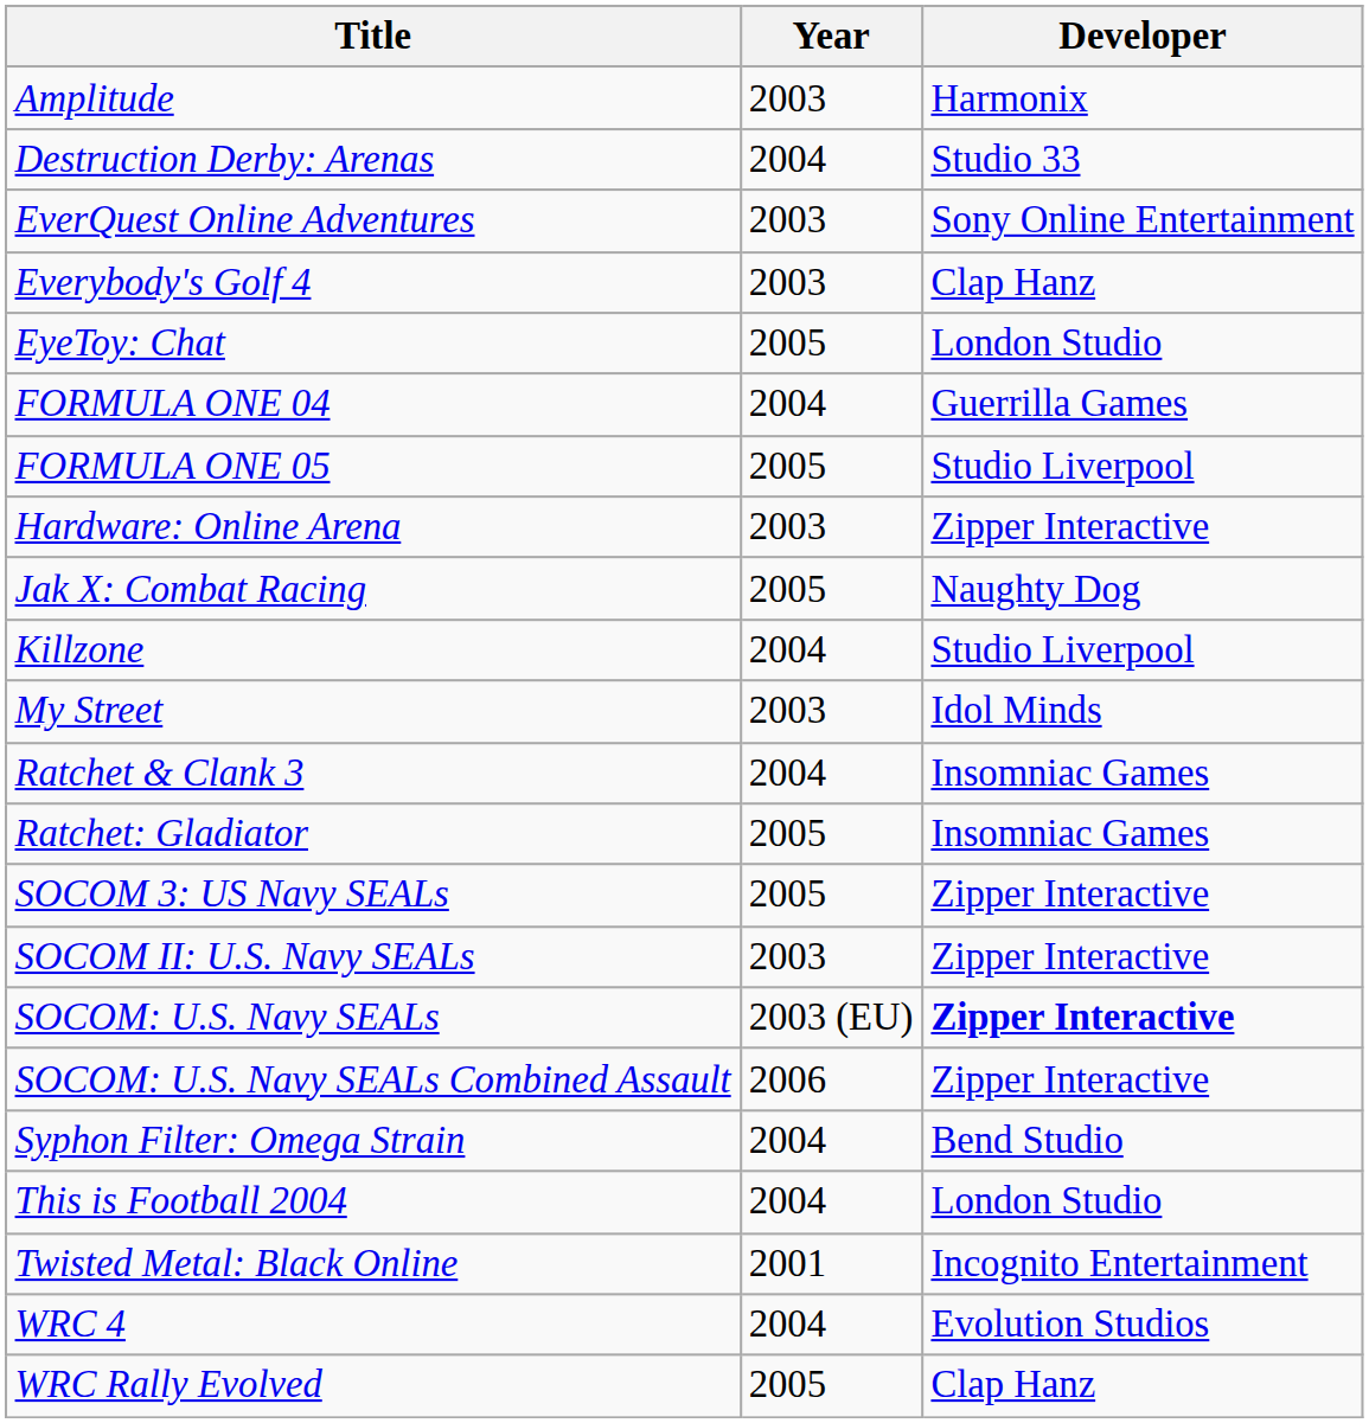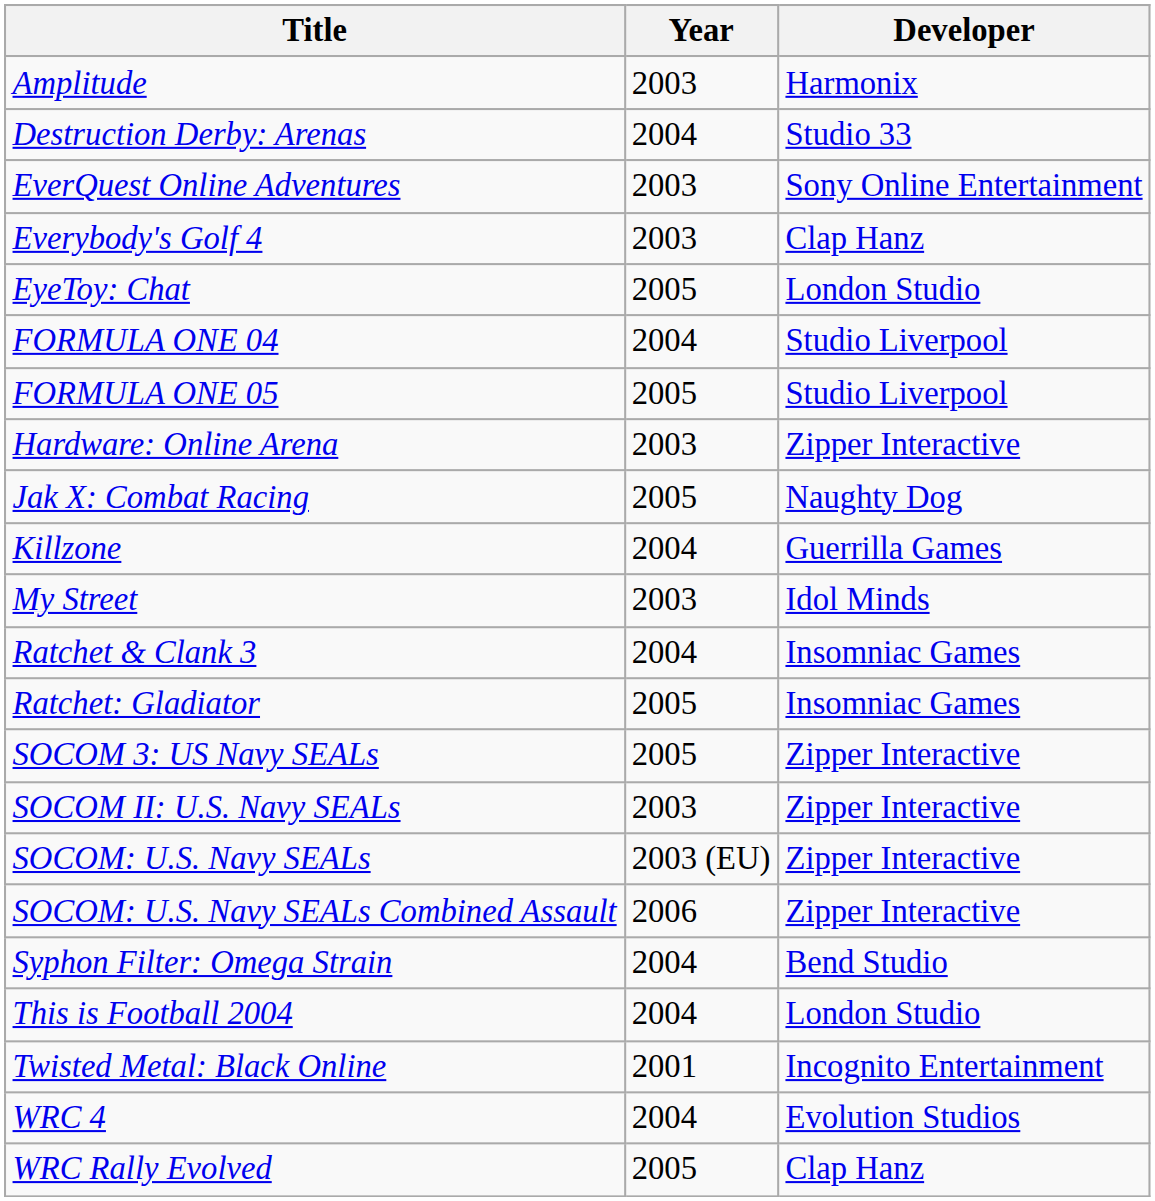 <table class="wikitable">
 <tr>
 <th>Title</th>
 <th>Year</th>
 <th>Developer</th>
 </tr>
 <tr>
 <td><em><a href='#'>Amplitude</a></em></td>
 <td>2003</td>
 <td><a href='#'>Harmonix</a></td>
 </tr>
 <tr>
 <td><em><a href='#'>Destruction Derby: Arenas</a></em></td>
 <td>2004</td>
 <td><a href='#'>Studio 33</a></td>
 </tr>
 <tr>
 <td><em><a href='#'>EverQuest Online Adventures</a></em></td>
 <td>2003</td>
 <td><a href='#'>Sony Online Entertainment</a></td>
 </tr>
 <tr>
 <td><em><a href='#'>Everybody's Golf 4</a></em></td>
 <td>2003</td>
 <td><a href='#'>Clap Hanz</a></td>
 </tr>
 <tr>
 <td><em><a href='#'>EyeToy: Chat</a></em></td>
 <td>2005</td>
 <td><a href='#'>London Studio</a></td>
 </tr>
 <tr>
 <td><em><a href='#'>FORMULA ONE 04</a></em></td>
 <td>2004</td>
-<td><a href='#'>Guerrilla Games</a></td>
+<td><a href='#'>Studio Liverpool</a></td>
 </tr>
 <tr>
 <td><em><a href='#'>FORMULA ONE 05</a></em></td>
 <td>2005</td>
 <td><a href='#'>Studio Liverpool</a></td>
 </tr>
 <tr>
 <td><em><a href='#'>Hardware: Online Arena</a></em></td>
 <td>2003</td>
 <td><a href='#'>Zipper Interactive</a></td>
 </tr>
 <tr>
 <td><em><a href='#'>Jak X: Combat Racing</a></em></td>
 <td>2005</td>
 <td><a href='#'>Naughty Dog</a></td>
 </tr>
 <tr>
 <td><em><a href='#'>Killzone</a></em></td>
 <td>2004</td>
-<td><a href='#'>Studio Liverpool</a></td>
+<td><a href='#'>Guerrilla Games</a></td>
 </tr>
 <tr>
 <td><em><a href='#'>My Street</a></em></td>
 <td>2003</td>
 <td><a href='#'>Idol Minds</a></td>
 </tr>
 <tr>
 <td><em><a href='#'>Ratchet & Clank 3</a></em></td>
 <td>2004</td>
 <td><a href='#'>Insomniac Games</a></td>
 </tr>
 <tr>
 <td><em><a href='#'>Ratchet: Gladiator</a></em></td>
 <td>2005</td>
 <td><a href='#'>Insomniac Games</a></td>
 </tr>
 <tr>
 <td><em><a href='#'>SOCOM 3: US Navy SEALs</a></em></td>
 <td>2005</td>
 <td><a href='#'>Zipper Interactive</a></td>
 </tr>
 <tr>
 <td><em><a href='#'>SOCOM II: U.S. Navy SEALs</a></em></td>
 <td>2003</td>
 <td><a href='#'>Zipper Interactive</a></td>
 </tr>
 <tr>
 <td><em><a href='#'>SOCOM: U.S. Navy SEALs</a></em></td>
 <td>2003 (EU)</td>
-<td><strong><a href='#'>Zipper Interactive</a></strong></td>
+<td><a href='#'>Zipper Interactive</a></td>
 </tr>
 <tr>
 <td><em><a href='#'>SOCOM: U.S. Navy SEALs Combined Assault</a></em></td>
 <td>2006</td>
 <td><a href='#'>Zipper Interactive</a></td>
 </tr>
 <tr>
 <td><em><a href='#'>Syphon Filter: Omega Strain</a></em></td>
 <td>2004</td>
 <td><a href='#'>Bend Studio</a></td>
 </tr>
 <tr>
 <td><em><a href='#'>This is Football 2004</a></em></td>
 <td>2004</td>
 <td><a href='#'>London Studio</a></td>
 </tr>
 <tr>
 <td><em><a href='#'>Twisted Metal: Black Online</a></em></td>
 <td>2001</td>
 <td><a href='#'>Incognito Entertainment</a></td>
 </tr>
 <tr>
 <td><em><a href='#'>WRC 4</a></em></td>
 <td>2004</td>
 <td><a href='#'>Evolution Studios</a></td>
 </tr>
 <tr>
 <td><em><a href='#'>WRC Rally Evolved</a></em></td>
 <td>2005</td>
 <td><a href='#'>Clap Hanz</a></td>
 </tr>
 </table>
